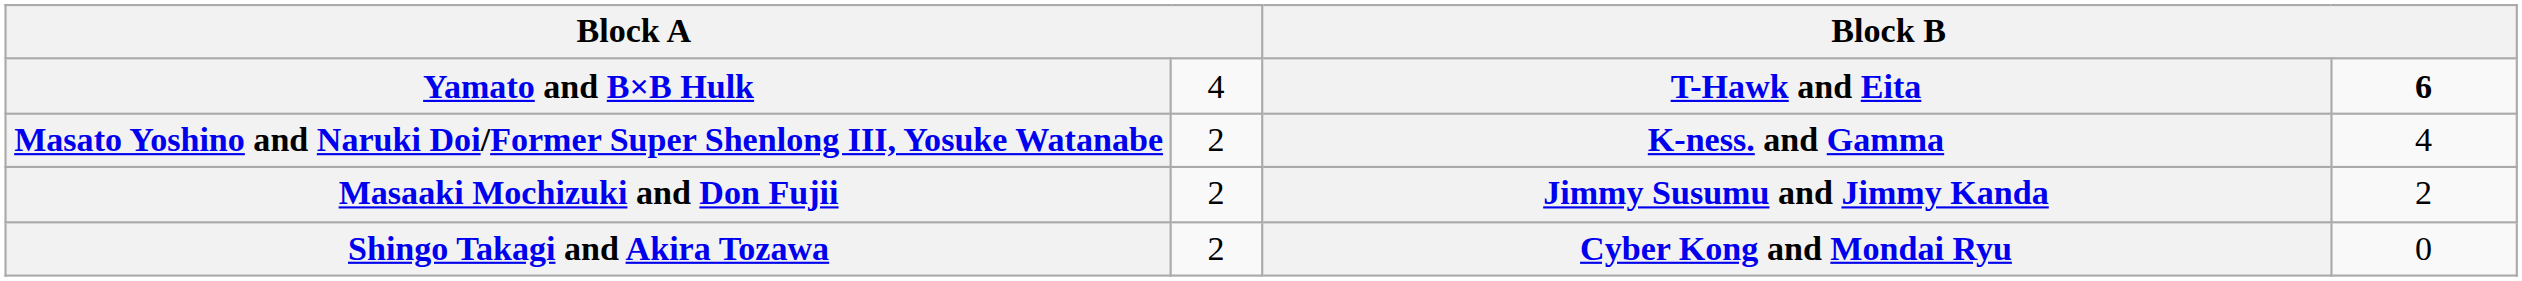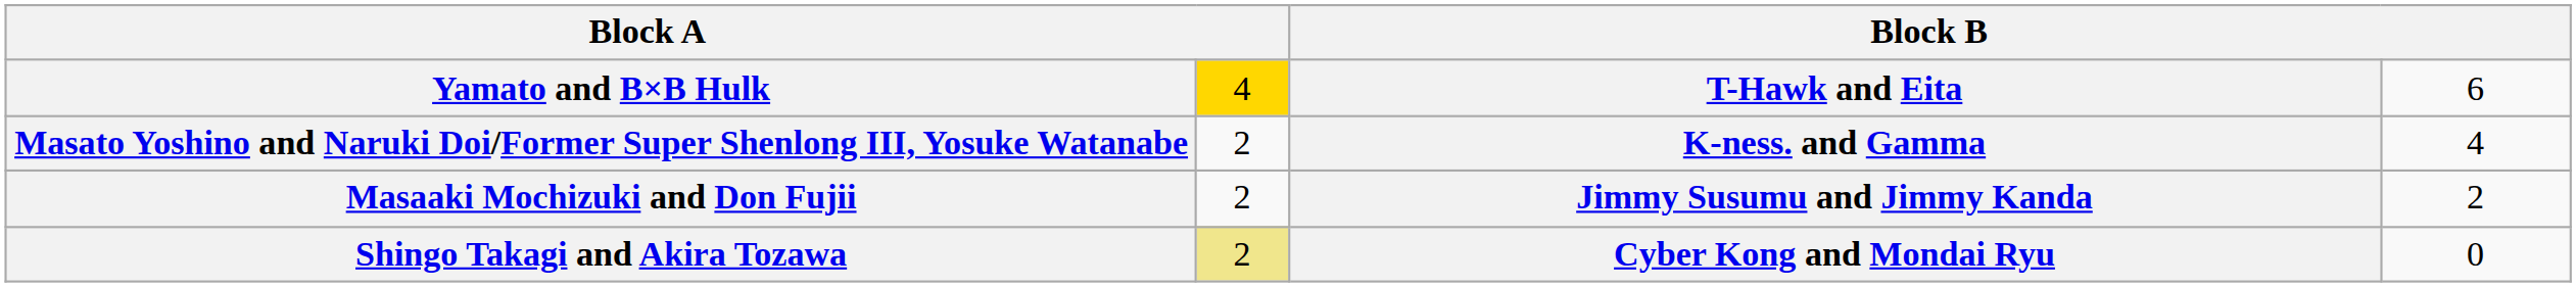 <table class="wikitable" style="margin: 1em auto 1em auto;text-align:center">
 <tr>
 <th colspan="2" style="width:50%">Block A</th>
 <th colspan="2" style="width:50%">Block B</th>
 </tr>
 <tr>
 <th><a href='#'>Yamato</a> and <a href='#'>B×B Hulk</a></th>
-<td style="width:35px">4</td>
+<td style="background: gold; width:35px">4</td>
 <th><a href='#'>T-Hawk</a> and <a href='#'>Eita</a></th>
-<td style="width:35px"><strong>6</strong></td>
+<td style="width:35px">6</td>
 </tr>
 <tr>
 <th><a href='#'>Masato Yoshino</a> and <a href='#'>Naruki Doi</a>/<a href='#'>Former Super Shenlong III, Yosuke Watanabe</a></th>
 <td>2</td>
 <th><a href='#'>K-ness.</a> and <a href='#'>Gamma</a></th>
 <td>4</td>
 </tr>
 <tr>
 <th><a href='#'>Masaaki Mochizuki</a> and <a href='#'>Don Fujii</a></th>
 <td>2</td>
 <th><a href='#'>Jimmy Susumu</a> and <a href='#'>Jimmy Kanda</a></th>
 <td>2</td>
 </tr>
 <tr>
 <th><a href='#'>Shingo Takagi</a> and <a href='#'>Akira Tozawa</a></th>
-<td>2</td>
+<td style="background: khaki;">2</td>
 <th><a href='#'>Cyber Kong</a> and <a href='#'>Mondai Ryu</a></th>
 <td>0</td>
 </tr>
 </table>
